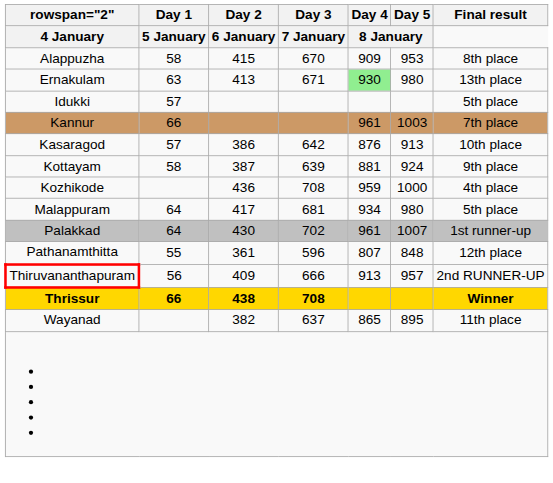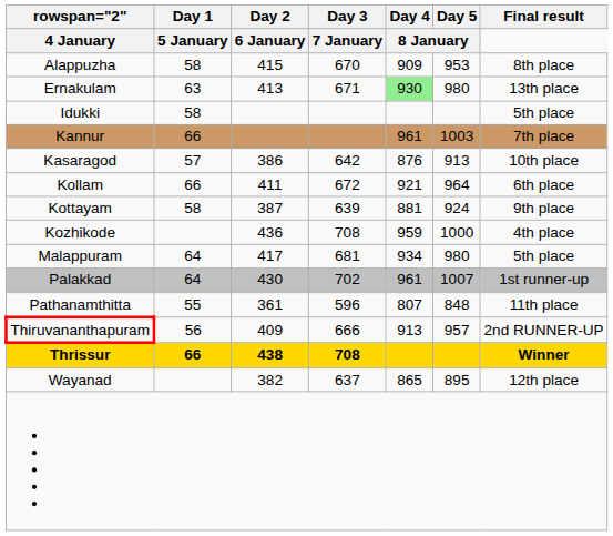 <table class="wikitable" style="text-align:center;max-width:750px; margin-left: auto; margin-right: auto; border: none">
 <tr>
 <th>rowspan="2" </th>
 <th>Day 1<br></th>
 <th>Day 2<br></th>
 <th>Day 3<br></th>
 <th>Day 4<br></th>
 <th>Day 5<br></th>
 <th>Final result</th>
 </tr>
 <tr>
 <th>4 January</th>
 <th>5 January</th>
 <th>6 January</th>
 <th>7 January</th>
 <th colspan=2>8 January</th>
 </tr>
 <tr>
 <td>Alappuzha</td>
 <td>58</td>
 <td>415</td>
 <td>670</td>
 <td>909</td>
 <td>953</td>
 <td>8th place</td>
 </tr>
 <tr>
 <td>Ernakulam</td>
 <td>63</td>
 <td>413</td>
 <td>671</td>
 <td style="background: lightgreen;">930</td>
 <td>980</td>
 <td>13th place</td>
 </tr>
 <tr>
 <td>Idukki</td>
-<td>57</td>
+<td>58</td>
 <td><strong></strong></td>
 <td><strong></strong></td>
 <td><strong></strong></td>
 <td><strong></strong></td>
 <td>5th place</td>
 </tr>
 <tr style="background:#cc9966;">
 <td>Kannur</td>
 <td>66</td>
 <td><strong></strong></td>
 <td><strong></strong></td>
 <td>961</td>
 <td>1003</td>
 <td>7th place</td>
 </tr>
 <tr>
 <td>Kasaragod</td>
 <td>57</td>
 <td>386</td>
 <td>642</td>
 <td>876</td>
 <td>913</td>
 <td>10th place</td>
+</tr>
+<tr>
+<td>Kollam</td>
+<td>66</td>
+<td>411</td>
+<td>672</td>
+<td>921</td>
+<td>964</td>
+<td>6th place</td>
 </tr>
 <tr>
 <td>Kottayam</td>
 <td>58</td>
 <td>387</td>
 <td>639</td>
 <td>881</td>
 <td>924</td>
 <td>9th place</td>
 </tr>
 <tr>
 <td>Kozhikode</td>
 <td><strong></strong></td>
 <td>436</td>
 <td>708</td>
 <td>959</td>
 <td>1000</td>
 <td>4th place</td>
 </tr>
 <tr>
 <td>Malappuram</td>
 <td>64</td>
 <td>417</td>
 <td>681</td>
 <td>934</td>
 <td>980</td>
 <td>5th place</td>
 </tr>
 <tr style="background:silver;">
 <td>Palakkad</td>
 <td>64</td>
 <td>430</td>
 <td>702</td>
 <td>961</td>
 <td>1007</td>
 <td>1st runner-up</td>
 </tr>
 <tr>
 <td>Pathanamthitta</td>
 <td>55</td>
 <td>361</td>
 <td>596</td>
 <td>807</td>
 <td>848</td>
-<td>12th place</td>
+<td>11th place</td>
 </tr>
 <tr>
 <td style="border: 3px solid red">Thiruvananthapuram</td>
 <td>56</td>
 <td>409</td>
 <td>666</td>
 <td>913</td>
 <td>957</td>
 <td>2nd RUNNER-UP</td>
 </tr>
 <tr style="background-color:gold; font-weight: bold">
 <td>Thrissur</td>
 <td>66</td>
 <td>438</td>
 <td>708</td>
 <td><strong></strong></td>
 <td><strong></strong></td>
 <td>Winner</td>
 </tr>
 <tr>
 <td>Wayanad</td>
 <td><strong></strong></td>
 <td>382</td>
 <td>637</td>
 <td>865</td>
 <td>895</td>
-<td>11th place</td>
+<td>12th place</td>
 </tr>
 <tr>
 <td colspan="7"><br><ul><li></li><li></li><li></li><li></li><li></li></ul></td>
 </tr>
 </table>
